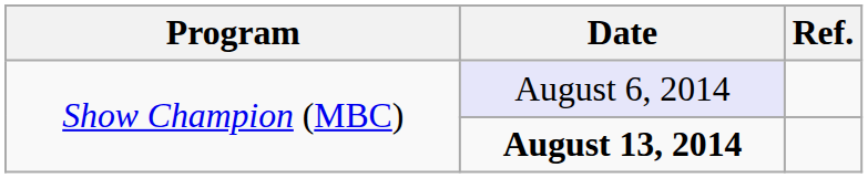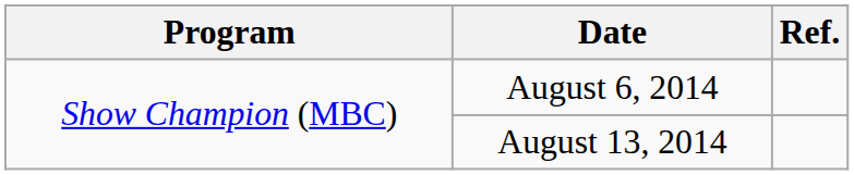 <table class="wikitable" style="text-align:center">
 <tr>
 <th width="200">Program</th>
 <th width="140">Date</th>
 <th>Ref.</th>
 </tr>
 <tr>
 <td rowspan="2"><em><a href='#'>Show Champion</a></em> (<a href='#'>MBC</a>)</td>
-<td style="background: lavender;">August 6, 2014</td>
+<td>August 6, 2014</td>
 <td></td>
 </tr>
 <tr>
-<td><strong>August 13, 2014</strong></td>
+<td>August 13, 2014</td>
 <td></td>
 </tr>
 </table>
